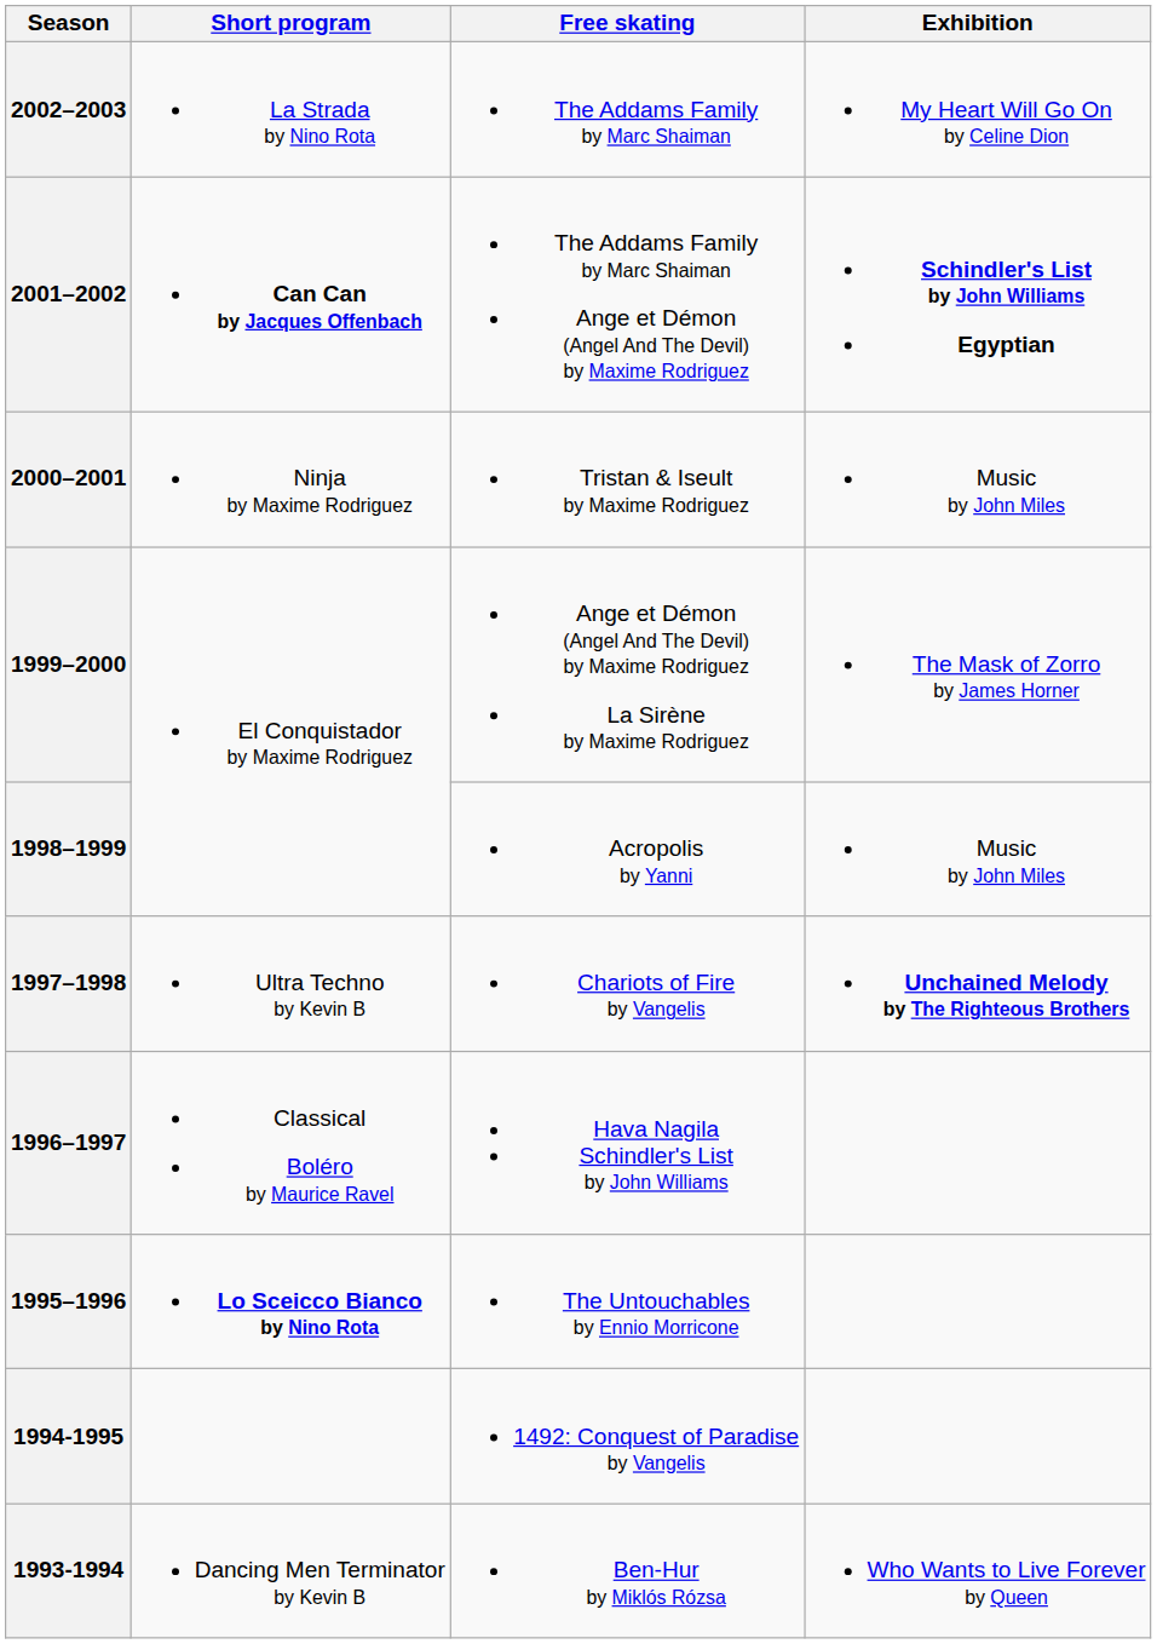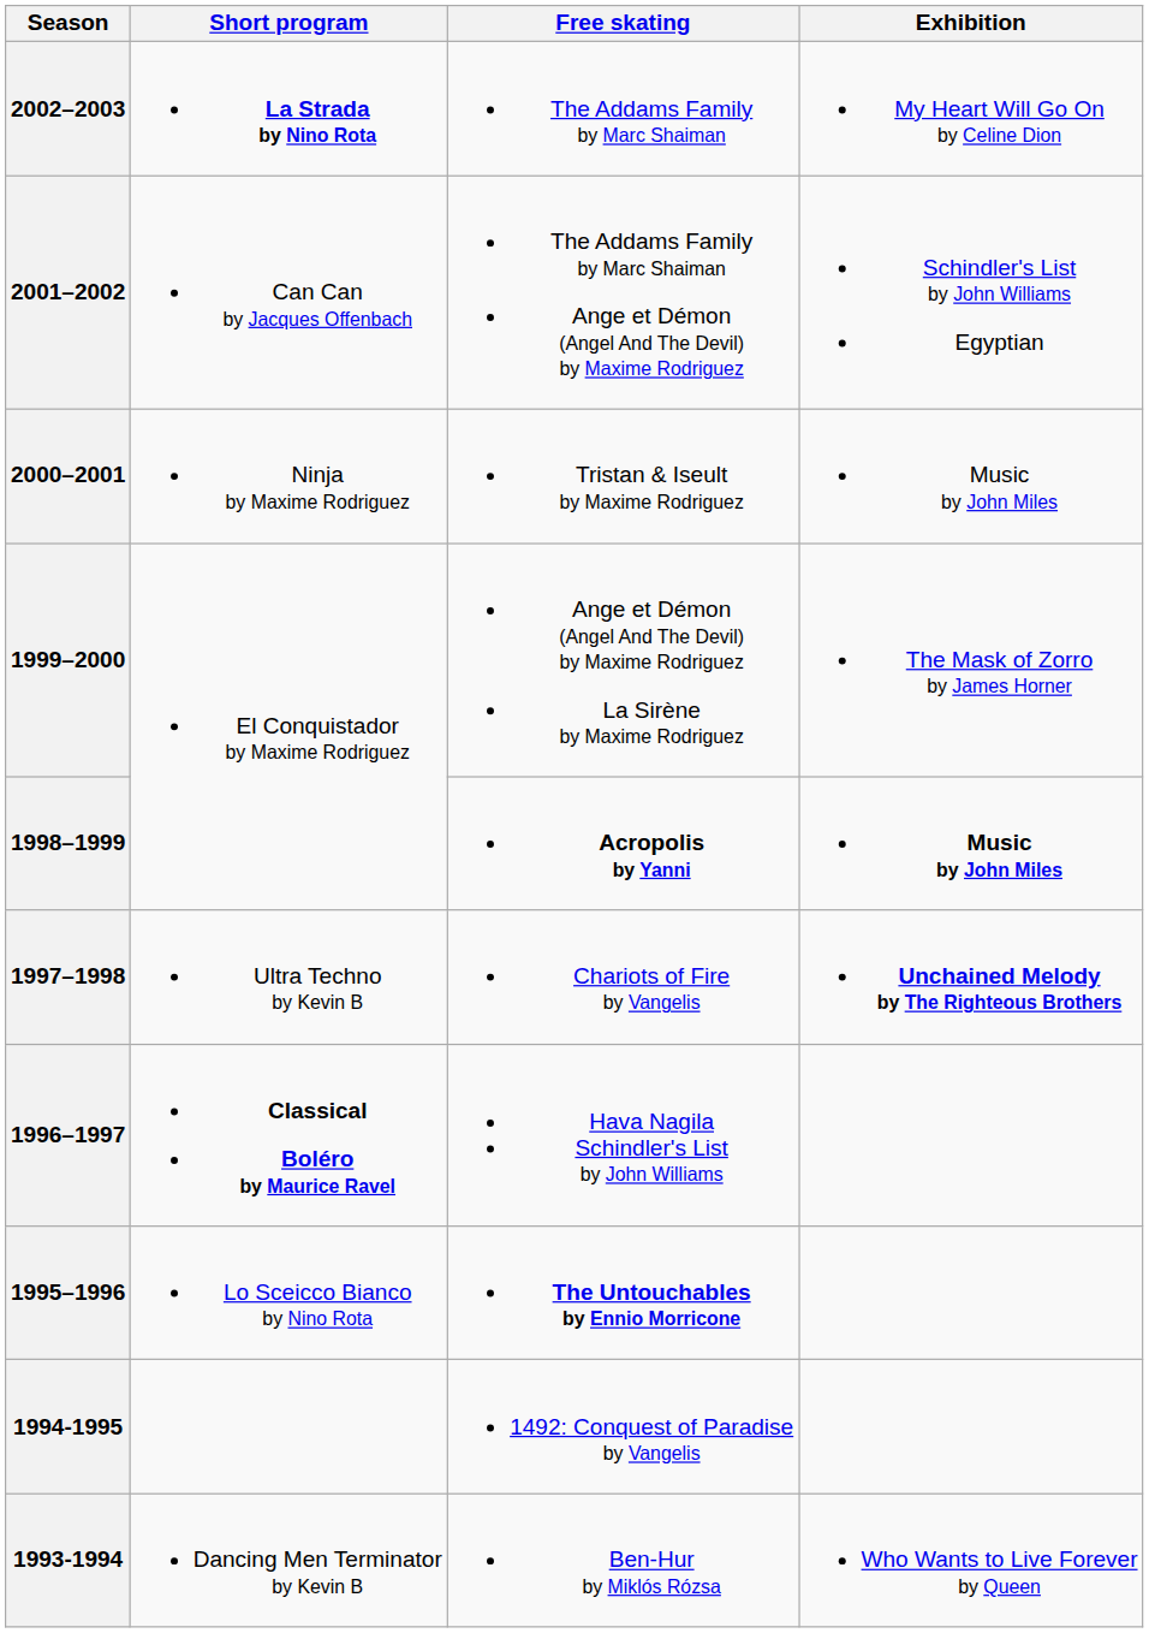 <table class=wikitable style=text-align:center>
 <tr>
 <th>Season</th>
 <th><a href='#'>Short program</a></th>
 <th><a href='#'>Free skating</a></th>
 <th>Exhibition</th>
 </tr>
 <tr>
 <th>2002–2003 <br> </th>
-<td><br><ul><li><a href='#'>La Strada</a> <br><small> by <a href='#'>Nino Rota</a> </small></li></ul></td>
+<td><strong><br><ul><li><a href='#'>La Strada</a> <br><small> by <a href='#'>Nino Rota</a> </small></li></ul></strong></td>
 <td><br><ul><li><a href='#'>The Addams Family</a> <br><small> by <a href='#'>Marc Shaiman</a> </small></li></ul></td>
 <td><br><ul><li><a href='#'>My Heart Will Go On</a> <br><small> by <a href='#'>Celine Dion</a> </small></li></ul></td>
 </tr>
 <tr>
 <th>2001–2002 <br> </th>
-<td><strong><br><ul><li>Can Can <br><small> by <a href='#'>Jacques Offenbach</a> </small></li></ul></strong></td>
+<td><br><ul><li>Can Can <br><small> by <a href='#'>Jacques Offenbach</a> </small></li></ul></td>
 <td><br><ul><li>The Addams Family <br><small> by Marc Shaiman </small></li></ul><ul><li>Ange et Démon <br><small> (Angel And The Devil)</small> <br><small> by <a href='#'>Maxime Rodriguez</a> </small></li></ul></td>
-<td><strong><br><ul><li><a href='#'>Schindler's List</a> <br><small> by <a href='#'>John Williams</a> </small></li></ul><ul><li>Egyptian</li></ul></strong></td>
+<td><br><ul><li><a href='#'>Schindler's List</a> <br><small> by <a href='#'>John Williams</a> </small></li></ul><ul><li>Egyptian</li></ul></td>
 </tr>
 <tr>
 <th>2000–2001 <br> </th>
 <td><br><ul><li>Ninja <br><small> by Maxime Rodriguez </small></li></ul></td>
 <td><br><ul><li>Tristan & Iseult <br><small> by Maxime Rodriguez </small></li></ul></td>
 <td><br><ul><li>Music <br><small> by <a href='#'>John Miles</a> </small></li></ul></td>
 </tr>
 <tr>
 <th>1999–2000</th>
 <td rowspan=2><br><ul><li>El Conquistador <br><small> by Maxime Rodriguez </small></li></ul></td>
 <td><br><ul><li>Ange et Démon <br><small> (Angel And The Devil) <br> by Maxime Rodriguez </small></li></ul><ul><li>La Sirène <br><small> by Maxime Rodriguez </small></li></ul></td>
 <td><br><ul><li><a href='#'>The Mask of Zorro</a> <br><small> by <a href='#'>James Horner</a></small></li></ul></td>
 </tr>
 <tr>
 <th>1998–1999</th>
-<td><br><ul><li>Acropolis <br><small> by <a href='#'>Yanni</a> </small></li></ul></td>
-<td><br><ul><li>Music <br><small> by <a href='#'>John Miles</a> </small></li></ul></td>
+<td><strong><br><ul><li>Acropolis <br><small> by <a href='#'>Yanni</a> </small></li></ul></strong></td>
+<td><strong><br><ul><li>Music <br><small> by <a href='#'>John Miles</a> </small></li></ul></strong></td>
 </tr>
 <tr>
 <th>1997–1998</th>
 <td><br><ul><li>Ultra Techno <br><small> by Kevin B </small></li></ul></td>
 <td><br><ul><li><a href='#'>Chariots of Fire</a> <br><small> by <a href='#'>Vangelis</a> </small></li></ul></td>
 <td><strong><br><ul><li><a href='#'>Unchained Melody</a> <br><small> by <a href='#'>The Righteous Brothers</a> </small></li></ul></strong></td>
 </tr>
 <tr>
 <th>1996–1997 <br> </th>
-<td><br><ul><li>Classical</li></ul><ul><li><a href='#'>Boléro</a> <br><small> by <a href='#'>Maurice Ravel</a> </small></li></ul></td>
+<td><strong><br><ul><li>Classical</li></ul><ul><li><a href='#'>Boléro</a> <br><small> by <a href='#'>Maurice Ravel</a> </small></li></ul></strong></td>
 <td><br><ul><li><a href='#'>Hava Nagila</a></li><li><a href='#'>Schindler's List</a> <br><small> by <a href='#'>John Williams</a> </small></li></ul></td>
 <td></td>
 </tr>
 <tr>
 <th>1995–1996</th>
-<td><strong><br><ul><li><a href='#'>Lo Sceicco Bianco</a> <br><small> by <a href='#'>Nino Rota</a></small></li></ul></strong></td>
-<td><br><ul><li><a href='#'>The Untouchables</a> <br><small> by <a href='#'>Ennio Morricone</a> </small></li></ul></td>
+<td><br><ul><li><a href='#'>Lo Sceicco Bianco</a> <br><small> by <a href='#'>Nino Rota</a></small></li></ul></td>
+<td><strong><br><ul><li><a href='#'>The Untouchables</a> <br><small> by <a href='#'>Ennio Morricone</a> </small></li></ul></strong></td>
 </tr>
 <tr>
 <th>1994-1995</th>
 <td></td>
 <td><br><ul><li><a href='#'>1492: Conquest of Paradise</a> <br><small> by <a href='#'>Vangelis</a> </small></li></ul></td>
 <td></td>
 </tr>
 <tr>
 <th>1993-1994</th>
 <td><br><ul><li>Dancing Men Terminator <br><small> by Kevin B </small></li></ul></td>
 <td><br><ul><li><a href='#'>Ben-Hur</a> <br><small> by <a href='#'>Miklós Rózsa</a></small></li></ul></td>
 <td><br><ul><li><a href='#'>Who Wants to Live Forever</a> <br><small> by <a href='#'>Queen</a> </small></li></ul></td>
 </tr>
 </table>
